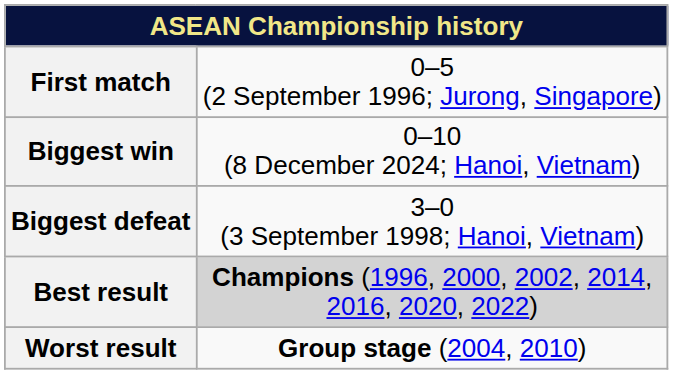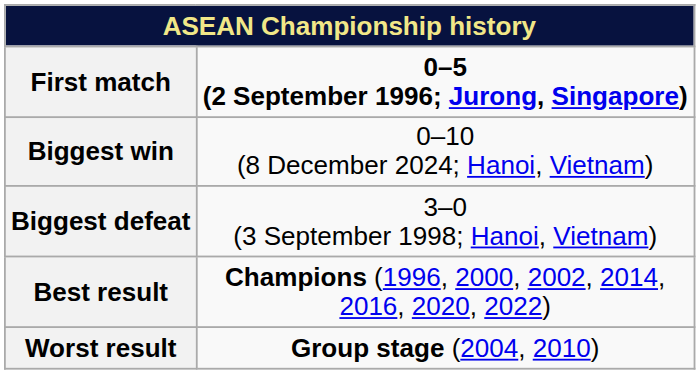 <table class="wikitable collapsible collapsed" style="text-align: center;font-size:90%;">
 <tr>
 <th colspan=6 style="background: #07123F; color: #F1E788;">ASEAN Championship history</th>
 </tr>
 <tr>
 <th style="text-align: center;">First match</th>
-<td style="text-align:center;"> 0–5 <br>(2 September 1996; <a href='#'>Jurong</a>, <a href='#'>Singapore</a>)</td>
+<td style="text-align:center;"><strong> 0–5 <br>(2 September 1996; <a href='#'>Jurong</a>, <a href='#'>Singapore</a>)</strong></td>
 </tr>
 <tr>
 <th style="text-align: center;">Biggest win</th>
 <td style="text-align:center;"> 0–10 <br>(8 December 2024; <a href='#'>Hanoi</a>, <a href='#'>Vietnam</a>)</td>
 </tr>
 <tr>
 <th style="text-align: center;">Biggest defeat</th>
 <td style="text-align:center;"> 3–0 <br>(3 September 1998; <a href='#'>Hanoi</a>, <a href='#'>Vietnam</a>)</td>
 </tr>
 <tr>
 <th style="text-align: center;">Best result</th>
-<td style="background: lightgrey; text-align:center;"><strong>Champions</strong> (<a href='#'>1996</a>, <a href='#'>2000</a>, <a href='#'>2002</a>, <a href='#'>2014</a>, <br><a href='#'>2016</a>, <a href='#'>2020</a>, <a href='#'>2022</a>)</td>
+<td style="text-align:center;"><strong>Champions</strong> (<a href='#'>1996</a>, <a href='#'>2000</a>, <a href='#'>2002</a>, <a href='#'>2014</a>, <br><a href='#'>2016</a>, <a href='#'>2020</a>, <a href='#'>2022</a>)</td>
 </tr>
 <tr>
 <th style="text-align: center;">Worst result</th>
 <td style="text-align:center;"><strong>Group stage</strong> (<a href='#'>2004</a>, <a href='#'>2010</a>)</td>
 </tr>
 </table>
